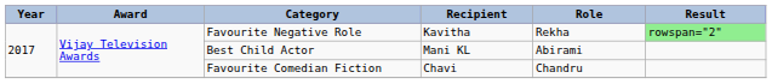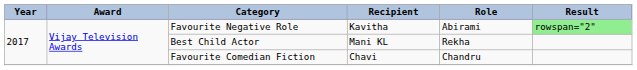 <table class="wikitable" width="70%">
 <tr bgcolor="blue">
 <th style="width:25pt; background:LightSteelBlue;">Year</th>
 <th style="width:80pt; background:LightSteelBlue;">Award</th>
 <th style="width:120pt; background:LightSteelBlue;">Category</th>
 <th style="width:60pt; background:LightSteelBlue;">Recipient</th>
 <th style="width:60pt; background:LightSteelBlue;">Role</th>
 <th style="width:40pt; background:LightSteelBlue;">Result</th>
 </tr>
 <tr>
 <td rowspan="3">2017 </td>
 <td rowspan="3"><a href='#'>Vijay Television Awards</a></td>
 <td>Favourite Negative Role</td>
 <td>Kavitha</td>
-<td>Rekha</td>
+<td>Abirami</td>
 <td style="background: lightgreen;">rowspan="2" </td>
 </tr>
 <tr>
 <td>Best Child Actor</td>
 <td>Mani KL</td>
-<td>Abirami</td>
+<td>Rekha</td>
 </tr>
 <tr>
 <td>Favourite Comedian Fiction</td>
 <td>Chavi</td>
 <td>Chandru</td>
 <td></td>
 </tr>
 <tr>
 </tr>
 </table>
